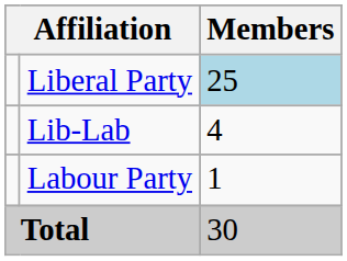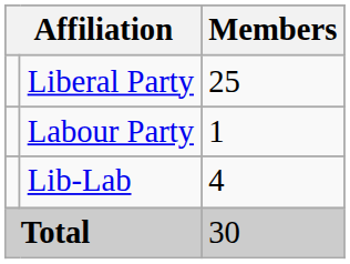 <table class="wikitable">
 <tr>
 <th colspan="2">Affiliation</th>
 <th>Members</th>
 </tr>
 <tr>
 <td style="color:inherit;background:"></td>
 <td><a href='#'>Liberal Party</a></td>
-<td style="background: lightblue;">25</td>
+<td>25</td>
+</tr>
+<tr>
+<td style="color:inherit;background:"></td>
+<td><a href='#'>Labour Party</a></td>
+<td>1</td>
 </tr>
 <tr>
 <td style="color:inherit;background-color: "></td>
 <td><a href='#'>Lib-Lab</a></td>
 <td>4</td>
 </tr>
-<tr>
-<td style="color:inherit;background:"></td>
-<td><a href='#'>Labour Party</a></td>
-<td>1</td>
-</tr>
 <tr style="background:#ccc;">
 <td colspan="2"> <strong>Total</strong></td>
 <td>30</td>
 </tr>
 </table>
